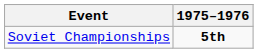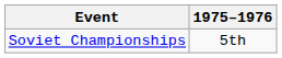 <table class="wikitable" style="text-align:center">
 <tr>
 <th>Event</th>
 <th>1975–1976</th>
 </tr>
 <tr>
 <td align=left><a href='#'>Soviet Championships</a></td>
-<td><strong>5th</strong></td>
+<td>5th</td>
 </tr>
 </table>
